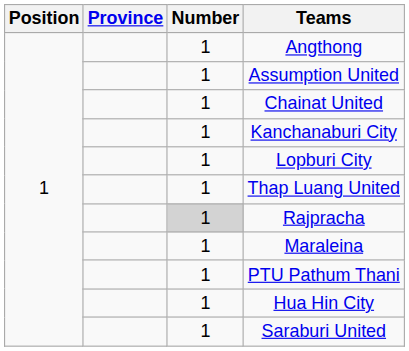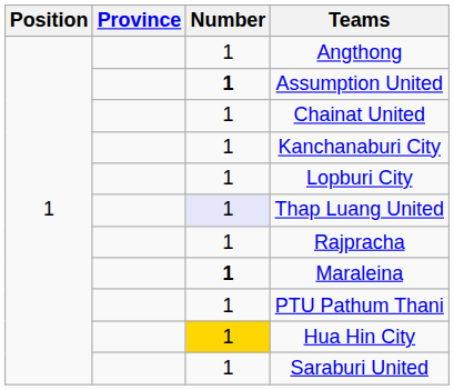 <table class="wikitable">
 <tr>
 <th>Position</th>
 <th><a href='#'>Province</a></th>
 <th>Number</th>
 <th>Teams</th>
 </tr>
 <tr>
 <td align=center rowspan="11">1</td>
 <td></td>
 <td align=center>1</td>
 <td align=center><a href='#'>Angthong</a></td>
 </tr>
 <tr>
 <td></td>
-<td align=center>1</td>
+<td align=center><strong>1</strong></td>
 <td align=center><a href='#'>Assumption United</a></td>
 </tr>
 <tr>
 <td></td>
 <td align=center>1</td>
 <td align=center><a href='#'>Chainat United</a></td>
 </tr>
 <tr>
 <td></td>
 <td align=center>1</td>
 <td align=center><a href='#'>Kanchanaburi City</a></td>
 </tr>
 <tr>
 <td></td>
 <td align=center>1</td>
 <td align=center><a href='#'>Lopburi City</a></td>
 </tr>
 <tr>
 <td></td>
-<td align=center>1</td>
+<td align=center style="background: lavender;">1</td>
 <td align=center><a href='#'>Thap Luang United</a></td>
 </tr>
 <tr>
 <td></td>
-<td align=center style="background: lightgrey;">1</td>
+<td align=center>1</td>
 <td align=center><a href='#'>Rajpracha</a></td>
 </tr>
 <tr>
 <td></td>
-<td align=center>1</td>
+<td align=center><strong>1</strong></td>
 <td align=center><a href='#'>Maraleina</a></td>
 </tr>
 <tr>
 <td></td>
 <td align=center>1</td>
 <td align=center><a href='#'>PTU Pathum Thani</a></td>
 </tr>
 <tr>
 <td></td>
-<td align=center>1</td>
+<td align=center style="background: gold;">1</td>
 <td align=center><a href='#'>Hua Hin City</a></td>
 </tr>
 <tr>
 <td></td>
 <td align=center>1</td>
 <td align=center><a href='#'>Saraburi United</a></td>
 </tr>
 </table>
